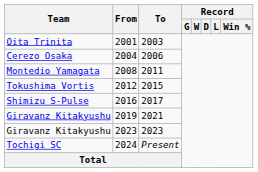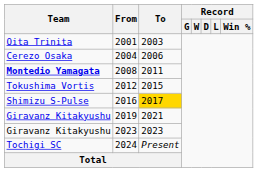 <table class="wikitable" style="text-align: center">
 <tr>
 <th rowspan="2">Team</th>
 <th rowspan="2">From</th>
 <th rowspan="2">To</th>
 <th colspan="5">Record</th>
 </tr>
 <tr>
 <th>G</th>
 <th>W</th>
 <th>D</th>
 <th>L</th>
 <th>Win %</th>
 </tr>
 <tr>
 <td align="left"><a href='#'>Oita Trinita</a></td>
 <td align="left">2001</td>
 <td align="left">2003<br></td>
 </tr>
 <tr>
 <td align="left"><a href='#'>Cerezo Osaka</a></td>
 <td align="left">2004</td>
 <td align="left">2006<br></td>
 </tr>
 <tr>
-<td align="left"><a href='#'>Montedio Yamagata</a></td>
+<td align="left"><strong><a href='#'>Montedio Yamagata</a></strong></td>
 <td align="left">2008</td>
 <td align="left">2011<br></td>
 </tr>
 <tr>
 <td align="left"><a href='#'>Tokushima Vortis</a></td>
 <td align="left">2012</td>
 <td align="left">2015<br></td>
 </tr>
 <tr>
 <td align="left"><a href='#'>Shimizu S-Pulse</a></td>
 <td align="left">2016</td>
-<td align="left">2017<br></td>
+<td align="left" style="background: gold;">2017<br></td>
 </tr>
 <tr>
 <td align="left"><a href='#'>Giravanz Kitakyushu</a></td>
 <td align="left">2019</td>
 <td align="left">2021<br></td>
 </tr>
 <tr>
 <td align="left">Giravanz Kitakyushu</td>
 <td align="left">2023</td>
 <td align="left">2023<br></td>
 </tr>
 <tr>
 <td align="left"><a href='#'>Tochigi SC</a></td>
 <td align="left">2024</td>
 <td align="left"><em>Present</em><br></td>
 </tr>
 <tr>
 <th colspan="3">Total<br></th>
 </tr>
 </table>
